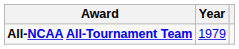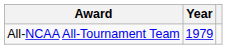 <table class="wikitable">
 <tr>
 <th>Award</th>
 <th>Year</th>
 <th></th>
 </tr>
 <tr>
-<td><strong>All-<a href='#'>NCAA</a> <a href='#'>All-Tournament Team</a></strong></td>
+<td>All-<a href='#'>NCAA</a> <a href='#'>All-Tournament Team</a></td>
 <td><a href='#'>1979</a></td>
 <td></td>
 </tr>
 </table>
